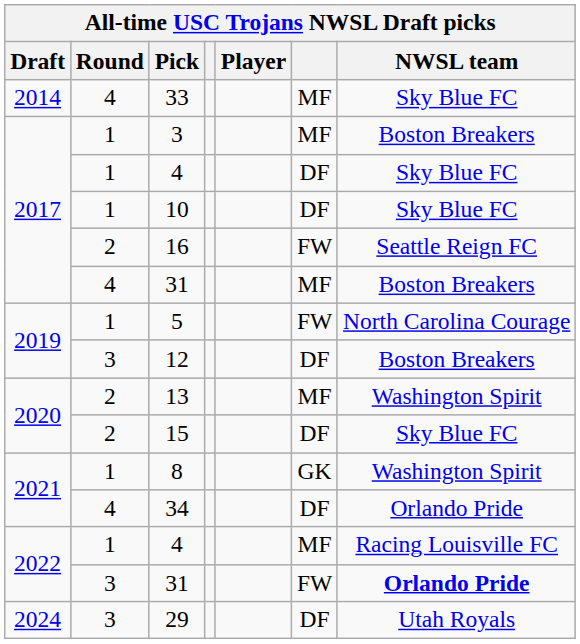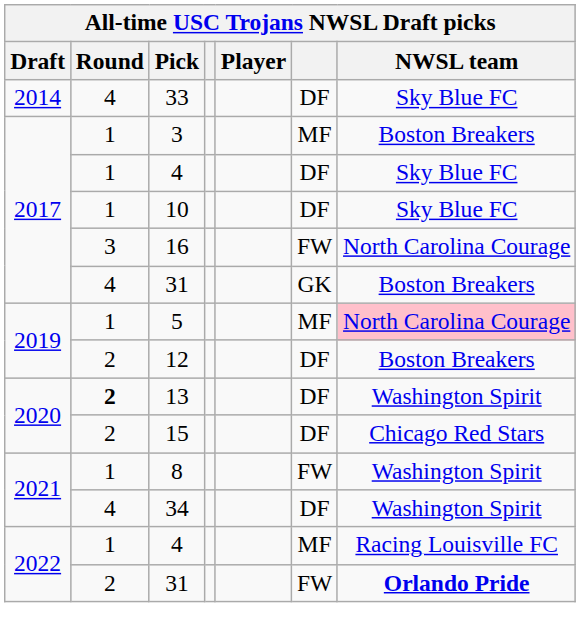 <table class="wikitable sortable" style="text-align: center;">
 <tr>
 <th colspan="7" style="background:#">All-time <a href='#'><span>USC Trojans</span></a> NWSL Draft picks</th>
 </tr>
 <tr>
 <th scope="col">Draft</th>
 <th scope="col">Round</th>
 <th scope="col">Pick</th>
 <th scope="col"></th>
 <th scope="col">Player</th>
 <th scope="col"></th>
 <th scope="col">NWSL team</th>
 </tr>
 <tr>
 <td><a href='#'>2014</a></td>
 <td>4</td>
 <td>33</td>
 <td></td>
 <td></td>
-<td>MF</td>
+<td>DF</td>
 <td><a href='#'>Sky Blue FC</a></td>
 </tr>
 <tr>
 <td rowspan="5"><a href='#'>2017</a></td>
 <td>1</td>
 <td>3</td>
 <td></td>
 <td></td>
 <td>MF</td>
 <td><a href='#'>Boston Breakers</a></td>
 </tr>
 <tr>
 <td>1</td>
 <td>4</td>
 <td></td>
 <td></td>
 <td>DF</td>
 <td><a href='#'>Sky Blue FC</a></td>
 </tr>
 <tr>
 <td>1</td>
 <td>10</td>
 <td></td>
 <td></td>
 <td>DF</td>
 <td><a href='#'>Sky Blue FC</a></td>
 </tr>
 <tr>
-<td>2</td>
+<td>3</td>
 <td>16</td>
 <td></td>
 <td></td>
 <td>FW</td>
-<td><a href='#'>Seattle Reign FC</a></td>
+<td><a href='#'>North Carolina Courage</a></td>
 </tr>
 <tr>
 <td>4</td>
 <td>31</td>
 <td></td>
 <td></td>
-<td>MF</td>
+<td>GK</td>
 <td><a href='#'>Boston Breakers</a></td>
 </tr>
 <tr>
 <td rowspan="2"><a href='#'>2019</a></td>
 <td>1</td>
 <td>5</td>
 <td></td>
 <td></td>
-<td>FW</td>
-<td><a href='#'>North Carolina Courage</a></td>
+<td>MF</td>
+<td style="background: pink;"><a href='#'>North Carolina Courage</a></td>
 </tr>
 <tr>
-<td>3</td>
+<td>2</td>
 <td>12</td>
 <td></td>
 <td></td>
 <td>DF</td>
 <td><a href='#'>Boston Breakers</a></td>
 </tr>
 <tr>
 <td rowspan="2"><a href='#'>2020</a></td>
-<td>2</td>
+<td><strong>2</strong></td>
 <td>13</td>
 <td></td>
 <td></td>
-<td>MF</td>
+<td>DF</td>
 <td><a href='#'>Washington Spirit</a></td>
 </tr>
 <tr>
 <td>2</td>
 <td>15</td>
 <td></td>
 <td></td>
 <td>DF</td>
-<td><a href='#'>Sky Blue FC</a></td>
+<td><a href='#'>Chicago Red Stars</a></td>
 </tr>
 <tr>
 <td rowspan="2"><a href='#'>2021</a></td>
 <td>1</td>
 <td>8</td>
 <td></td>
 <td></td>
-<td>GK</td>
+<td>FW</td>
 <td><a href='#'>Washington Spirit</a></td>
 </tr>
 <tr>
 <td>4</td>
 <td>34</td>
 <td></td>
 <td></td>
 <td>DF</td>
-<td><a href='#'>Orlando Pride</a></td>
+<td><a href='#'>Washington Spirit</a></td>
 </tr>
 <tr>
 <td rowspan="2"><a href='#'>2022</a></td>
 <td>1</td>
 <td>4</td>
 <td></td>
 <td></td>
 <td>MF</td>
 <td><a href='#'>Racing Louisville FC</a></td>
 </tr>
 <tr>
-<td>3</td>
+<td>2</td>
 <td>31</td>
 <td></td>
 <td></td>
 <td>FW</td>
 <td><strong><a href='#'>Orlando Pride</a></strong></td>
 </tr>
-<tr>
-<td><a href='#'>2024</a></td>
-<td>3</td>
-<td>29</td>
-<td></td>
-<td></td>
-<td>DF</td>
-<td><a href='#'>Utah Royals</a></td>
-</tr>
 </table>
